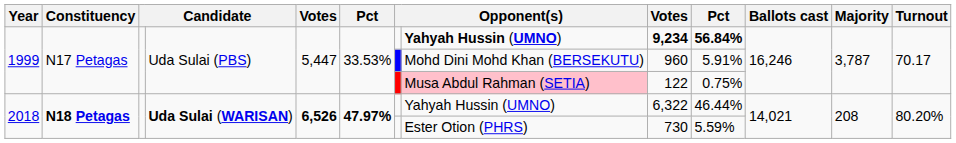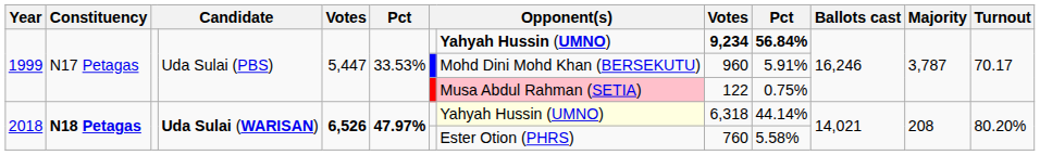 <table class="wikitable" style="margin:0.5em ; font-size:95%">
 <tr>
 <th>Year</th>
 <th>Constituency</th>
 <th colspan=2>Candidate</th>
 <th>Votes</th>
 <th>Pct</th>
 <th colspan=2>Opponent(s)</th>
 <th>Votes</th>
 <th>Pct</th>
 <th>Ballots cast</th>
 <th>Majority</th>
 <th>Turnout</th>
 </tr>
 <tr>
 <td rowspan="3"><a href='#'>1999</a></td>
 <td rowspan="3">N17 <a href='#'>Petagas</a></td>
 <td rowspan="3" bgcolor= ></td>
 <td rowspan="3">Uda Sulai (<a href='#'>PBS</a>)</td>
 <td rowspan="3"align="right">5,447</td>
 <td rowspan="3">33.53%</td>
 <td></td>
 <td><strong>Yahyah Hussin</strong> (<a href='#'><strong>UMNO</strong></a>)</td>
 <td align="right"><strong>9,234</strong></td>
 <td><strong>56.84%</strong></td>
 <td rowspan="3">16,246</td>
 <td rowspan="3">3,787</td>
 <td rowspan="3">70.17</td>
 </tr>
 <tr>
 <td bgcolor= blue></td>
 <td>Mohd Dini Mohd Khan (<a href='#'>BERSEKUTU</a>)</td>
 <td align="right">960</td>
 <td align="right">5.91%</td>
 </tr>
 <tr>
 <td bgcolor= red></td>
 <td style="background: pink;">Musa Abdul Rahman (<a href='#'>SETIA</a>)</td>
 <td align="right">122</td>
 <td align="right">0.75%</td>
 </tr>
 <tr>
 <td rowspan="2"><a href='#'>2018</a></td>
 <td rowspan=2><strong>N18 <a href='#'>Petagas</a></strong></td>
 <td rowspan="2" ></td>
 <td rowspan="2"><strong>Uda Sulai</strong> (<a href='#'><strong>WARISAN</strong></a>)</td>
 <td rowspan="2" align="right"><strong>6,526</strong></td>
 <td rowspan="2"><strong>47.97%</strong></td>
 <td></td>
-<td>Yahyah Hussin (<a href='#'>UMNO</a>)</td>
-<td align="right">6,322</td>
-<td>46.44%</td>
+<td style="background: lightyellow;">Yahyah Hussin (<a href='#'>UMNO</a>)</td>
+<td align="right">6,318</td>
+<td>44.14%</td>
 <td rowspan="2">14,021</td>
 <td rowspan="2">208</td>
 <td rowspan="2">80.20%</td>
 </tr>
 <tr>
 <td></td>
 <td>Ester Otion (<a href='#'>PHRS</a>)</td>
-<td align="right">730</td>
-<td>5.59%</td>
+<td align="right">760</td>
+<td>5.58%</td>
 </tr>
 </table>
